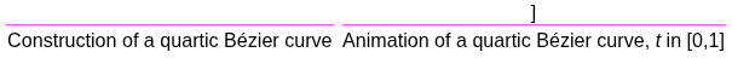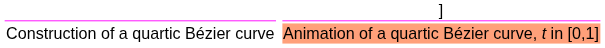 <table style="margin:1em auto; text-align:center; float:none; clear:both; font-size:95%; vertical-align:top;">
 <tr>
 <td style="border-bottom:1px solid #f2f;"></td>
 <td></td>
 <td style="border-bottom:1px solid #f2f;">]</td>
 </tr>
 <tr>
 <td>Construction of a quartic Bézier curve</td>
 <td></td>
-<td>Animation of a quartic Bézier curve, <em>t</em> in [0,1]</td>
+<td style="background: lightsalmon;">Animation of a quartic Bézier curve, <em>t</em> in [0,1]</td>
 </tr>
 </table>
